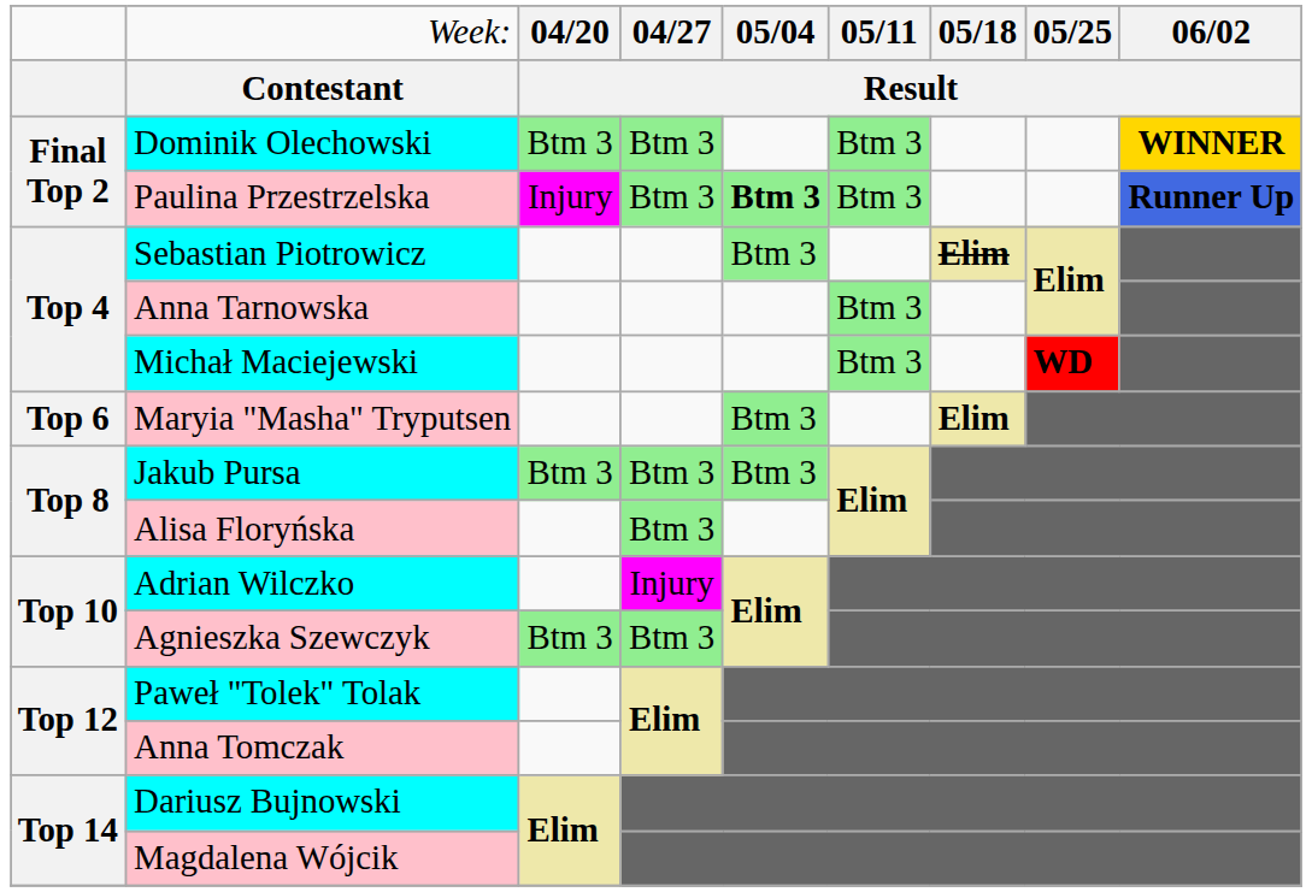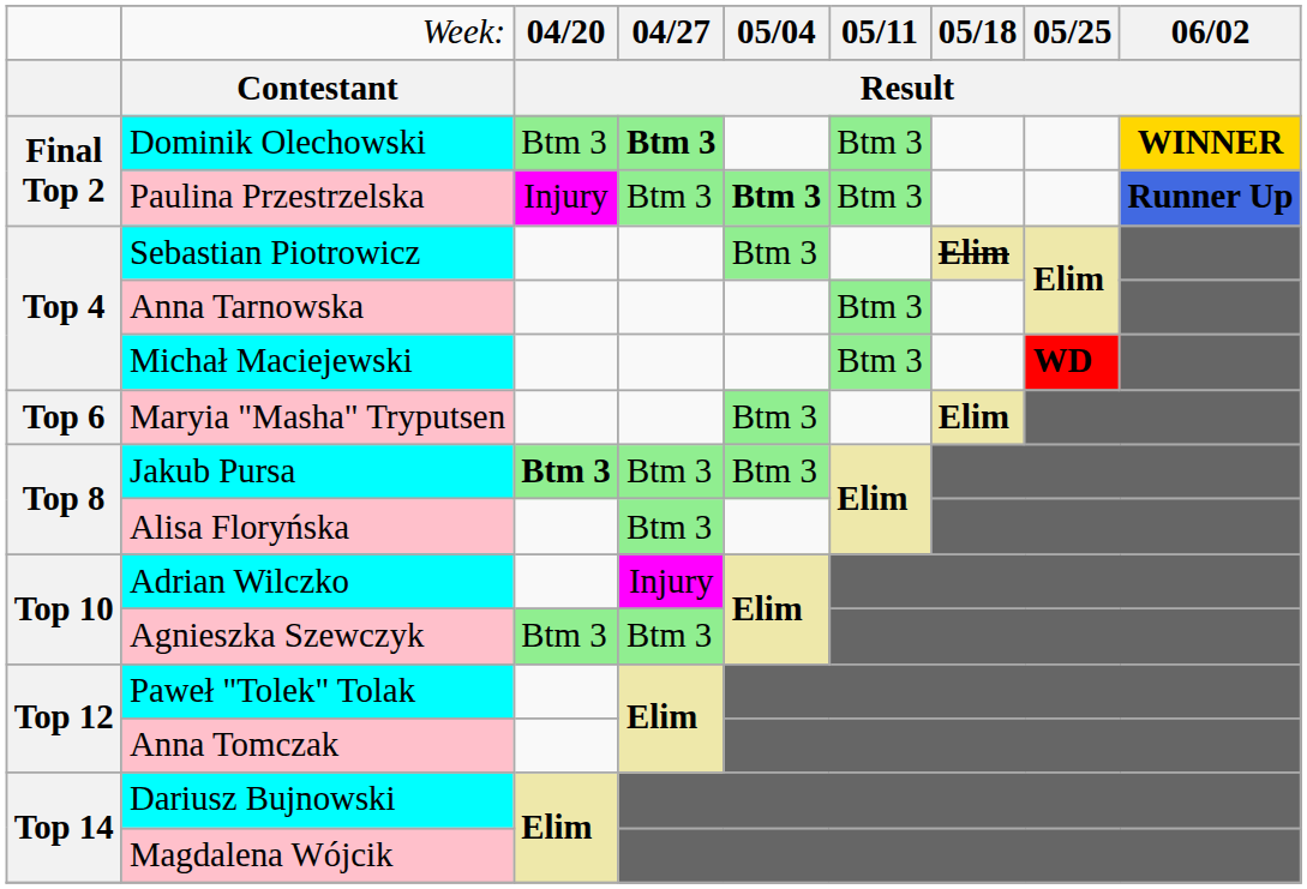 <table class="wikitable" style="margin:1em auto;">
 <tr>
 <td></td>
 <td align="right"><em>Week:</em></td>
 <th>04/20</th>
 <th>04/27</th>
 <th>05/04</th>
 <th>05/11</th>
 <th>05/18</th>
 <th>05/25</th>
 <th>06/02</th>
 </tr>
 <tr>
 <th></th>
 <th>Contestant</th>
 <th colspan="8" align="center">Result</th>
 </tr>
 <tr>
 <th rowspan="2">Final<br>Top 2</th>
 <td bgcolor="cyan">Dominik Olechowski</td>
 <td style="background:lightgreen;">Btm 3</td>
-<td style="background:lightgreen;">Btm 3</td>
+<td style="background:lightgreen;"><strong>Btm 3</strong></td>
 <td></td>
 <td style="background:lightgreen;">Btm 3</td>
 <td></td>
 <td></td>
 <td bgcolor="gold" align="center"><strong>WINNER</strong></td>
 </tr>
 <tr>
 <td bgcolor="pink">Paulina Przestrzelska</td>
 <td style="background:fuchsia;" align="center">Injury</td>
 <td style="background:lightgreen;">Btm 3</td>
 <td style="background:lightgreen;"><strong>Btm 3</strong></td>
 <td style="background:lightgreen;">Btm 3</td>
 <td></td>
 <td></td>
 <td bgcolor="royalblue" align="center"><strong>Runner Up</strong></td>
 </tr>
 <tr>
 <th rowspan="3">Top 4</th>
 <td bgcolor="cyan">Sebastian Piotrowicz</td>
 <td></td>
 <td></td>
 <td style="background:lightgreen;">Btm 3</td>
 <td></td>
 <td bgcolor="palegoldenrod"><strong><s>Elim</s></strong></td>
 <td rowspan="2" bgcolor="palegoldenrod"><strong>Elim</strong></td>
 <td colspan=1 bgcolor="666666"></td>
 </tr>
 <tr>
 <td bgcolor="pink">Anna Tarnowska</td>
 <td></td>
 <td></td>
 <td></td>
 <td style="background:lightgreen;">Btm 3</td>
 <td></td>
 <td colspan=2 bgcolor="666666"></td>
 </tr>
 <tr>
 <td bgcolor="cyan">Michał Maciejewski</td>
 <td></td>
 <td></td>
 <td></td>
 <td style="background:lightgreen;">Btm 3</td>
 <td></td>
 <td style="background:red;"><strong>WD</strong></td>
 <td colspan=1 bgcolor="666666"></td>
 </tr>
 <tr>
 <th>Top 6</th>
 <td bgcolor="pink">Maryia "Masha" Tryputsen</td>
 <td></td>
 <td></td>
 <td style="background:lightgreen;">Btm 3</td>
 <td></td>
 <td bgcolor="palegoldenrod"><strong>Elim</strong></td>
 <td colspan="2" bgcolor="666666"></td>
 </tr>
 <tr>
 <th rowspan="2">Top 8</th>
 <td bgcolor="cyan">Jakub Pursa</td>
-<td style="background:lightgreen;">Btm 3</td>
+<td style="background:lightgreen;"><strong>Btm 3</strong></td>
 <td style="background:lightgreen;">Btm 3</td>
 <td style="background:lightgreen;">Btm 3</td>
 <td rowspan="2" bgcolor="palegoldenrod"><strong>Elim</strong></td>
 <td colspan="3" bgcolor="666666"></td>
 </tr>
 <tr>
 <td bgcolor="pink">Alisa Floryńska</td>
 <td></td>
 <td style="background:lightgreen;">Btm 3</td>
 <td></td>
 <td colspan="4" bgcolor="666666"></td>
 </tr>
 <tr>
 <th rowspan="2">Top 10</th>
 <td bgcolor="cyan">Adrian Wilczko</td>
 <td></td>
 <td style="background:fuchsia;" align="center">Injury</td>
 <td rowspan="2" bgcolor="palegoldenrod"><strong>Elim</strong></td>
 <td colspan="4" bgcolor="666666"></td>
 </tr>
 <tr>
 <td bgcolor="pink">Agnieszka Szewczyk</td>
 <td style="background:lightgreen;">Btm 3</td>
 <td style="background:lightgreen;">Btm 3</td>
 <td colspan="5" bgcolor="666666"></td>
 </tr>
 <tr>
 <th rowspan="2">Top 12</th>
 <td bgcolor="cyan">Paweł "Tolek" Tolak</td>
 <td></td>
 <td rowspan="2" bgcolor="palegoldenrod"><strong>Elim</strong></td>
 <td colspan="5" bgcolor="666666"></td>
 </tr>
 <tr>
 <td bgcolor="pink">Anna Tomczak</td>
 <td></td>
 <td colspan="6" bgcolor="666666"></td>
 </tr>
 <tr>
 <th rowspan="2">Top 14</th>
 <td bgcolor="cyan">Dariusz Bujnowski</td>
 <td rowspan="2" bgcolor="palegoldenrod"><strong>Elim</strong></td>
 <td colspan="6" bgcolor="666666"></td>
 </tr>
 <tr>
 <td bgcolor="pink">Magdalena Wójcik</td>
 <td colspan="7" bgcolor="666666"></td>
 </tr>
 <tr>
 </tr>
 </table>
